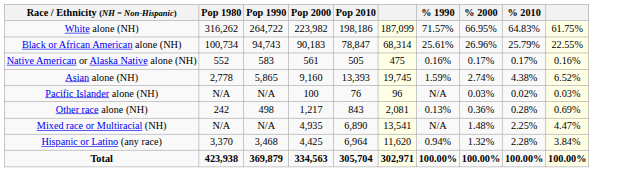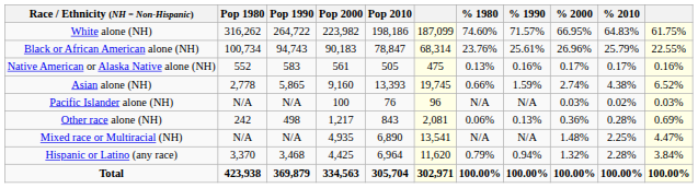 <table class="wikitable" style="text-align:center;">
 <tr>
 <th>Race / Ethnicity <small>(<em>NH = Non-Hispanic</em>)</small></th>
 <th>Pop 1980</th>
 <th>Pop 1990</th>
 <th>Pop 2000</th>
 <th>Pop 2010</th>
 <th></th>
+<th>% 1980</th>
 <th>% 1990</th>
 <th>% 2000</th>
 <th>% 2010</th>
 <th></th>
 </tr>
 <tr>
 <td><a href='#'>White</a> alone (NH)</td>
 <td>316,262</td>
 <td>264,722</td>
 <td>223,982</td>
 <td>198,186</td>
 <td style='background: #ffffe6;'>187,099</td>
+<td>74.60%</td>
 <td>71.57%</td>
 <td>66.95%</td>
 <td>64.83%</td>
 <td style='background: #ffffe6;'>61.75%</td>
 </tr>
 <tr>
 <td><a href='#'>Black or African American</a> alone (NH)</td>
 <td>100,734</td>
 <td>94,743</td>
 <td>90,183</td>
 <td>78,847</td>
 <td style='background: #ffffe6;'>68,314</td>
+<td>23.76%</td>
 <td>25.61%</td>
 <td>26.96%</td>
 <td>25.79%</td>
 <td style='background: #ffffe6;'>22.55%</td>
 </tr>
 <tr>
 <td><a href='#'>Native American</a> or <a href='#'>Alaska Native</a> alone (NH)</td>
 <td>552</td>
 <td>583</td>
 <td>561</td>
 <td>505</td>
 <td style='background: #ffffe6;'>475</td>
+<td>0.13%</td>
 <td>0.16%</td>
 <td>0.17%</td>
 <td>0.17%</td>
 <td style='background: #ffffe6;'>0.16%</td>
 </tr>
 <tr>
 <td><a href='#'>Asian</a> alone (NH)</td>
 <td>2,778</td>
 <td>5,865</td>
 <td>9,160</td>
 <td>13,393</td>
 <td style='background: #ffffe6;'>19,745</td>
+<td>0.66%</td>
 <td>1.59%</td>
 <td>2.74%</td>
 <td>4.38%</td>
 <td style='background: #ffffe6;'>6.52%</td>
 </tr>
 <tr>
 <td><a href='#'>Pacific Islander</a> alone (NH)</td>
 <td>N/A</td>
 <td>N/A</td>
 <td>100</td>
 <td>76</td>
 <td style='background: #ffffe6;'>96</td>
 <td>N/A</td>
+<td>N/A</td>
 <td>0.03%</td>
 <td>0.02%</td>
 <td style='background: #ffffe6;'>0.03%</td>
 </tr>
 <tr>
 <td><a href='#'>Other race</a> alone (NH)</td>
 <td>242</td>
 <td>498</td>
 <td>1,217</td>
 <td>843</td>
 <td style='background: #ffffe6;'>2,081</td>
+<td>0.06%</td>
 <td>0.13%</td>
 <td>0.36%</td>
 <td>0.28%</td>
 <td style='background: #ffffe6;'>0.69%</td>
 </tr>
 <tr>
 <td><a href='#'>Mixed race or Multiracial</a> (NH)</td>
 <td>N/A</td>
 <td>N/A</td>
 <td>4,935</td>
 <td>6,890</td>
 <td style='background: #ffffe6;'>13,541</td>
 <td>N/A</td>
+<td>N/A</td>
 <td>1.48%</td>
 <td>2.25%</td>
 <td style='background: #ffffe6;'>4.47%</td>
 </tr>
 <tr>
 <td><a href='#'>Hispanic or Latino</a> (any race)</td>
 <td>3,370</td>
 <td>3,468</td>
 <td>4,425</td>
 <td>6,964</td>
 <td style='background: #ffffe6;'>11,620</td>
+<td>0.79%</td>
 <td>0.94%</td>
 <td>1.32%</td>
 <td>2.28%</td>
 <td style='background: #ffffe6;'>3.84%</td>
 </tr>
 <tr>
 <td><strong>Total</strong></td>
 <td><strong>423,938</strong></td>
 <td><strong>369,879</strong></td>
 <td><strong>334,563</strong></td>
 <td><strong>305,704</strong></td>
 <td style='background: #ffffe6;'><strong>302,971</strong></td>
 <td><strong>100.00%</strong></td>
 <td><strong>100.00%</strong></td>
 <td><strong>100.00%</strong></td>
+<td><strong>100.00%</strong></td>
 <td style='background: #ffffe6;'><strong>100.00%</strong></td>
 </tr>
 </table>
